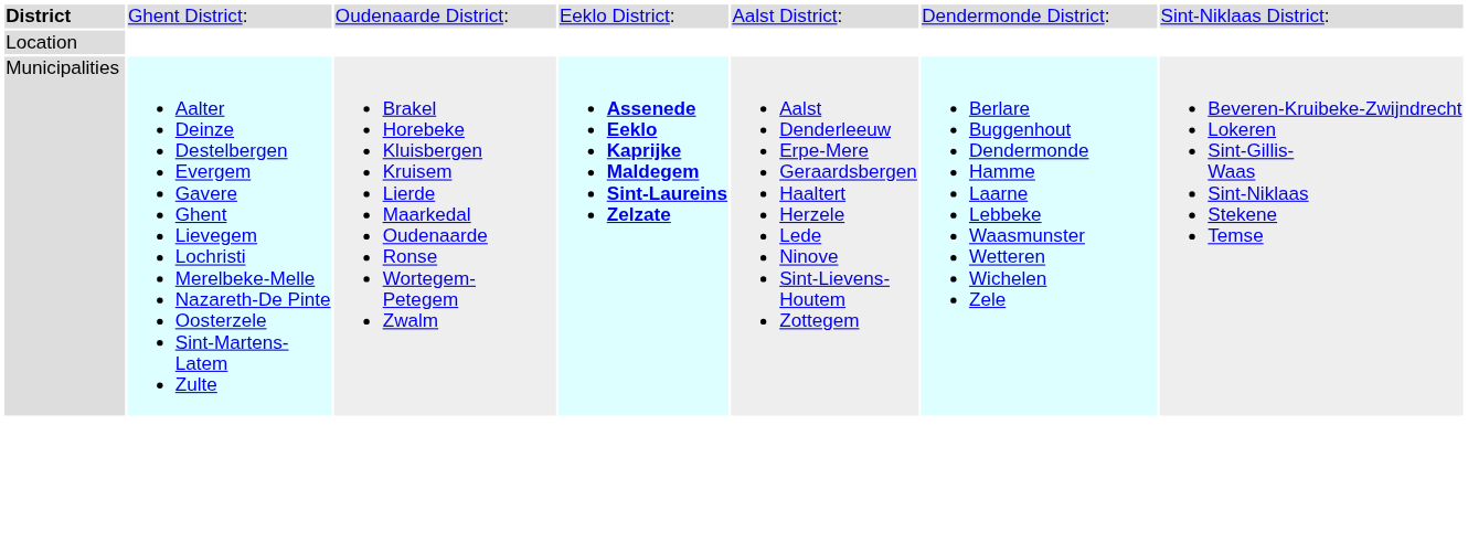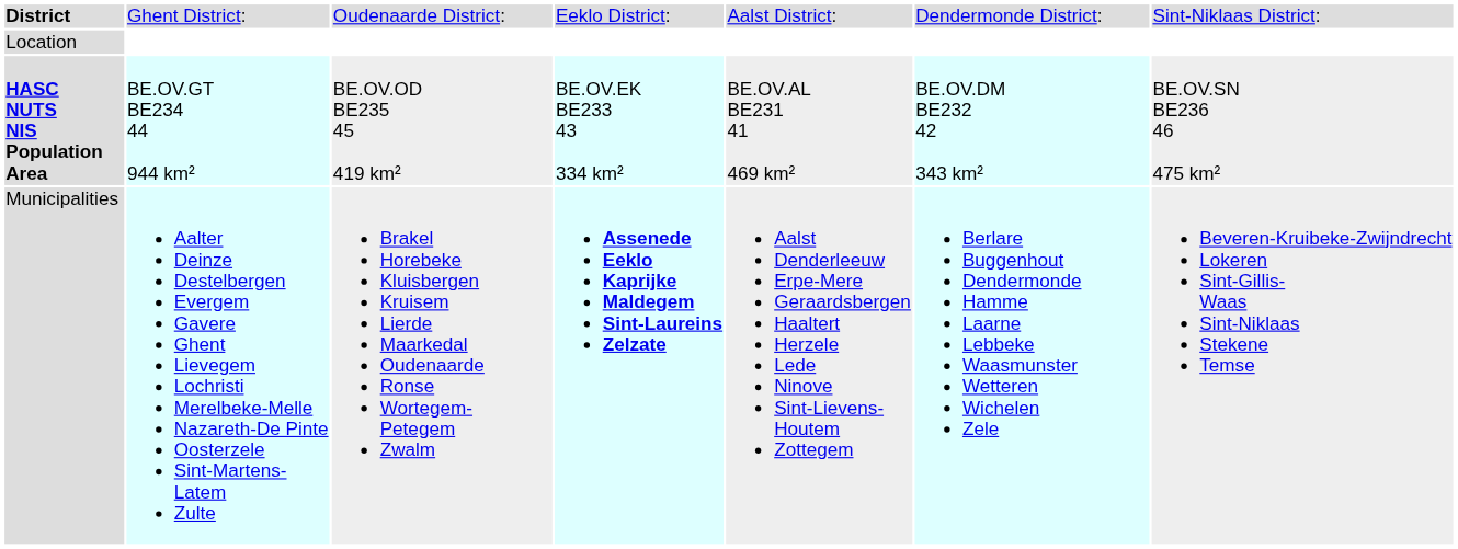 <table style="vertical-align:top;">
 <tr>
 <td style="padding-right:40px;background-color:#dddddd;"><strong>District</strong></td>
 <td style="padding-right:40px;background-color:#dddddd;"><a href='#'>Ghent District</a>:</td>
 <td style="padding-right:40px;background-color:#dddddd;"><a href='#'>Oudenaarde District</a>:</td>
 <td style="padding-right:40px;background-color:#dddddd;"><a href='#'>Eeklo District</a>:</td>
 <td style="padding-right:40px;background-color:#dddddd;"><a href='#'>Aalst District</a>:</td>
 <td style="padding-right:40px;background-color:#dddddd;"><a href='#'>Dendermonde District</a>:</td>
 <td style="padding-right:40px;background-color:#dddddd;"><a href='#'>Sint-Niklaas District</a>:</td>
 </tr>
 <tr>
 <td style="vertical-align:top;padding-right:40px;background:#dddddd;">Location</td>
 <td></td>
 <td></td>
 <td></td>
 <td></td>
 <td></td>
 <td></td>
 </tr>
 <tr>
+<td style="vertical-align:top;background:#dddddd;"><br><strong><a href='#'>HASC</a></strong> <br> <strong><a href='#'>NUTS</a></strong> <br> <strong><a href='#'>NIS</a></strong> <br> <strong>Population</strong> <br> <strong>Area</strong></td>
+<td style="vertical-align:top;background:#ddffff;"><br>BE.OV.GT <br>BE234  <br>44  <br> <br>944 km²</td>
+<td style="vertical-align:top;background:#eeeeee;"><br>BE.OV.OD  <br>BE235  <br>45 <br> <br>419 km²</td>
+<td style="vertical-align:top;background:#ddffff;"><br>BE.OV.EK  <br>BE233  <br>43  <br> <br>334 km²</td>
+<td style="vertical-align:top;background:#eeeeee;"><br>BE.OV.AL  <br>BE231  <br>41 <br> <br>469 km²</td>
+<td style="vertical-align:top;background:#ddffff;"><br>BE.OV.DM  <br>BE232  <br>42  <br> <br>343 km²</td>
+<td style="vertical-align:top;background:#eeeeee;"><br>BE.OV.SN  <br>BE236  <br>46 <br> <br>475 km²</td>
+</tr>
+<tr>
 <td style="vertical-align:top;background:#dddddd;">Municipalities</td>
 <td style="vertical-align:top;background:#ddffff;"><br><ul><li><a href='#'>Aalter</a></li><li><a href='#'>Deinze</a></li><li><a href='#'>Destelbergen</a></li><li><a href='#'>Evergem</a></li><li><a href='#'>Gavere</a></li><li><a href='#'>Ghent</a></li><li><a href='#'>Lievegem</a></li><li><a href='#'>Lochristi</a></li><li><a href='#'>Merelbeke-Melle</a></li><li><a href='#'>Nazareth-De Pinte</a></li><li><a href='#'>Oosterzele</a></li><li><a href='#'>Sint-Martens-<br>Latem</a></li><li><a href='#'>Zulte</a></li></ul></td>
 <td style="vertical-align:top;background:#eeeeee"><br><ul><li><a href='#'>Brakel</a></li><li><a href='#'>Horebeke</a></li><li><a href='#'>Kluisbergen</a></li><li><a href='#'>Kruisem</a></li><li><a href='#'>Lierde</a></li><li><a href='#'>Maarkedal</a></li><li><a href='#'>Oudenaarde</a></li><li><a href='#'>Ronse</a></li><li><a href='#'>Wortegem-<br>Petegem</a></li><li><a href='#'>Zwalm</a></li></ul></td>
 <td style="vertical-align:top;background:#ddffff;"><strong><br><ul><li><a href='#'>Assenede</a></li><li><a href='#'>Eeklo</a></li><li><a href='#'>Kaprijke</a></li><li><a href='#'>Maldegem</a></li><li><a href='#'>Sint-Laureins</a></li><li><a href='#'>Zelzate</a></li></ul></strong></td>
 <td style="vertical-align:top;background:#eeeeee;"><br><ul><li><a href='#'>Aalst</a></li><li><a href='#'>Denderleeuw</a></li><li><a href='#'>Erpe-Mere</a></li><li><a href='#'>Geraardsbergen</a></li><li><a href='#'>Haaltert</a></li><li><a href='#'>Herzele</a></li><li><a href='#'>Lede</a></li><li><a href='#'>Ninove</a></li><li><a href='#'>Sint-Lievens-<br>Houtem</a></li><li><a href='#'>Zottegem</a></li></ul></td>
 <td style="vertical-align:top;background:#ddffff"><br><ul><li><a href='#'>Berlare</a></li><li><a href='#'>Buggenhout</a></li><li><a href='#'>Dendermonde</a></li><li><a href='#'>Hamme</a></li><li><a href='#'>Laarne</a></li><li><a href='#'>Lebbeke</a></li><li><a href='#'>Waasmunster</a></li><li><a href='#'>Wetteren</a></li><li><a href='#'>Wichelen</a></li><li><a href='#'>Zele</a></li></ul></td>
 <td style="vertical-align:top;background:#eeeeee;"><br><ul><li><a href='#'>Beveren-Kruibeke-Zwijndrecht</a></li><li><a href='#'>Lokeren</a></li><li><a href='#'>Sint-Gillis-<br>Waas</a></li><li><a href='#'>Sint-Niklaas</a></li><li><a href='#'>Stekene</a></li><li><a href='#'>Temse</a></li></ul></td>
 </tr>
 </table>
